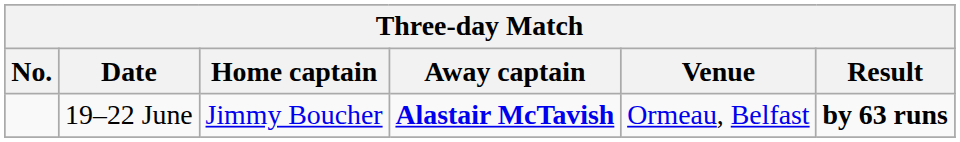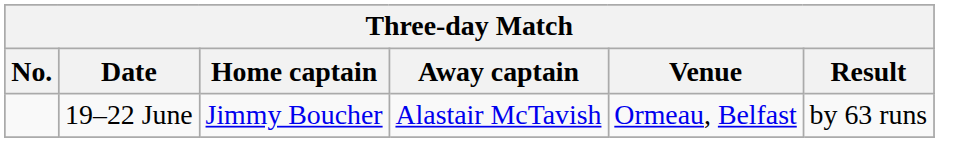 <table class="wikitable">
 <tr>
 <th colspan="9">Three-day Match</th>
 </tr>
 <tr>
 <th>No.</th>
 <th>Date</th>
 <th>Home captain</th>
 <th>Away captain</th>
 <th>Venue</th>
 <th>Result</th>
 </tr>
 <tr>
 <td></td>
 <td>19–22 June</td>
 <td><a href='#'>Jimmy Boucher</a></td>
-<td><strong><a href='#'>Alastair McTavish</a></strong></td>
+<td><a href='#'>Alastair McTavish</a></td>
 <td><a href='#'>Ormeau</a>, <a href='#'>Belfast</a></td>
-<td><strong> by 63 runs</strong></td>
+<td> by 63 runs</td>
 </tr>
 </table>
